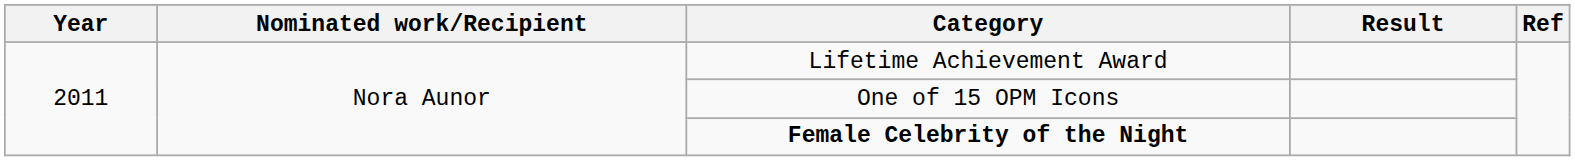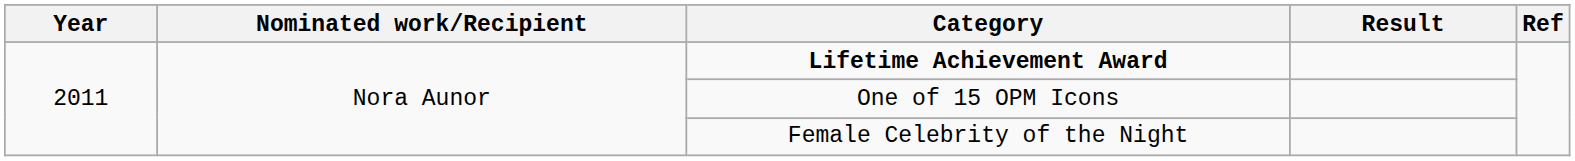 <table width="70%" class="wikitable sortable">
 <tr>
 <th width="10%">Year</th>
 <th width="35%">Nominated work/Recipient</th>
 <th width="40%">Category</th>
 <th width="15%">Result</th>
 <th width="15%">Ref</th>
 </tr>
 <tr>
 <td align="center" rowspan="3">2011</td>
 <td align="center"rowspan="3">Nora Aunor</td>
-<td align="center">Lifetime Achievement Award</td>
+<td align="center"><strong>Lifetime Achievement Award</strong></td>
 <td></td>
 <td align="center" rowspan="3"></td>
 </tr>
 <tr>
 <td align="center">One of 15 OPM Icons</td>
 <td></td>
 </tr>
 <tr>
-<td align="center"><strong>Female Celebrity of the Night</strong></td>
+<td align="center">Female Celebrity of the Night</td>
 <td></td>
 </tr>
 </table>
